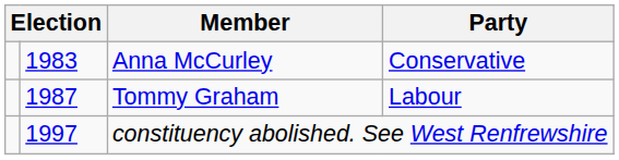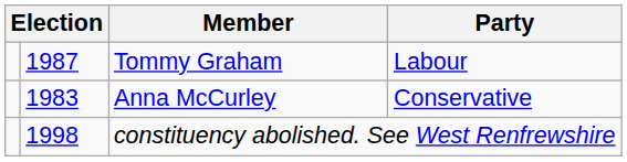 <table class="wikitable">
 <tr>
 <th colspan="2">Election</th>
 <th>Member</th>
 <th>Party</th>
 </tr>
 <tr>
 <td style="color:inherit;background-color: "></td>
+<td><a href='#'>1987</a></td>
+<td><a href='#'>Tommy Graham</a></td>
+<td><a href='#'>Labour</a></td>
+</tr>
+<tr>
+<td style="color:inherit;background-color: "></td>
 <td><a href='#'>1983</a></td>
 <td><a href='#'>Anna McCurley</a></td>
 <td><a href='#'>Conservative</a></td>
 </tr>
 <tr>
-<td style="color:inherit;background-color: "></td>
-<td><a href='#'>1987</a></td>
-<td><a href='#'>Tommy Graham</a></td>
-<td><a href='#'>Labour</a></td>
-</tr>
-<tr>
 <td></td>
-<td><a href='#'>1997</a></td>
+<td><a href='#'>1998</a></td>
 <td colspan="2"><em>constituency abolished. See <a href='#'>West Renfrewshire</a></em></td>
 </tr>
 </table>
